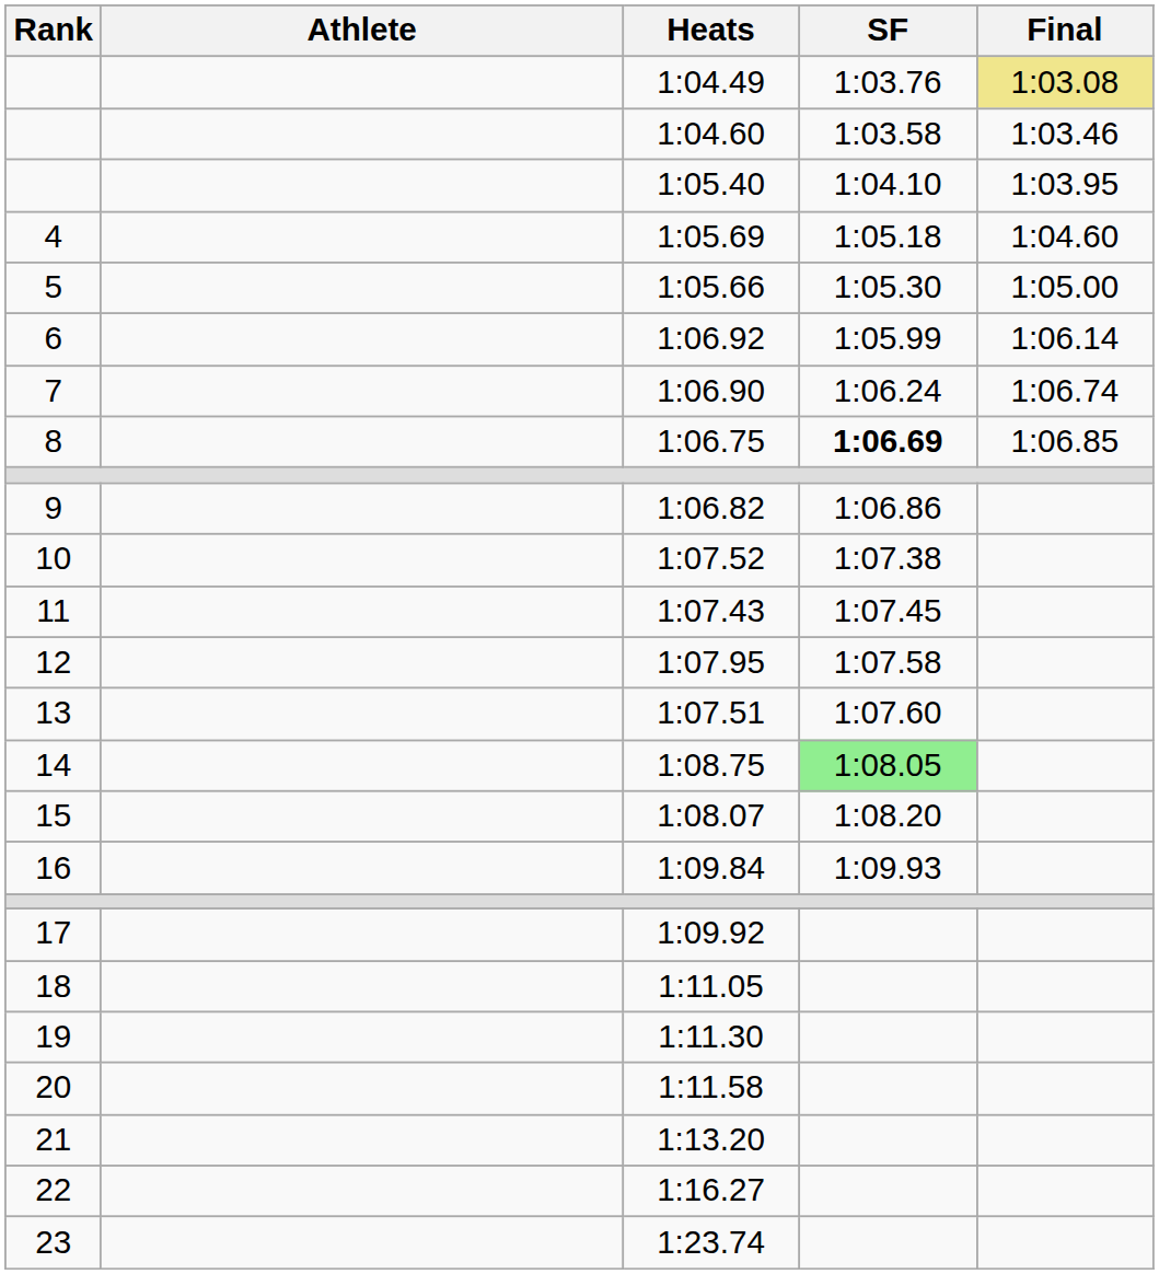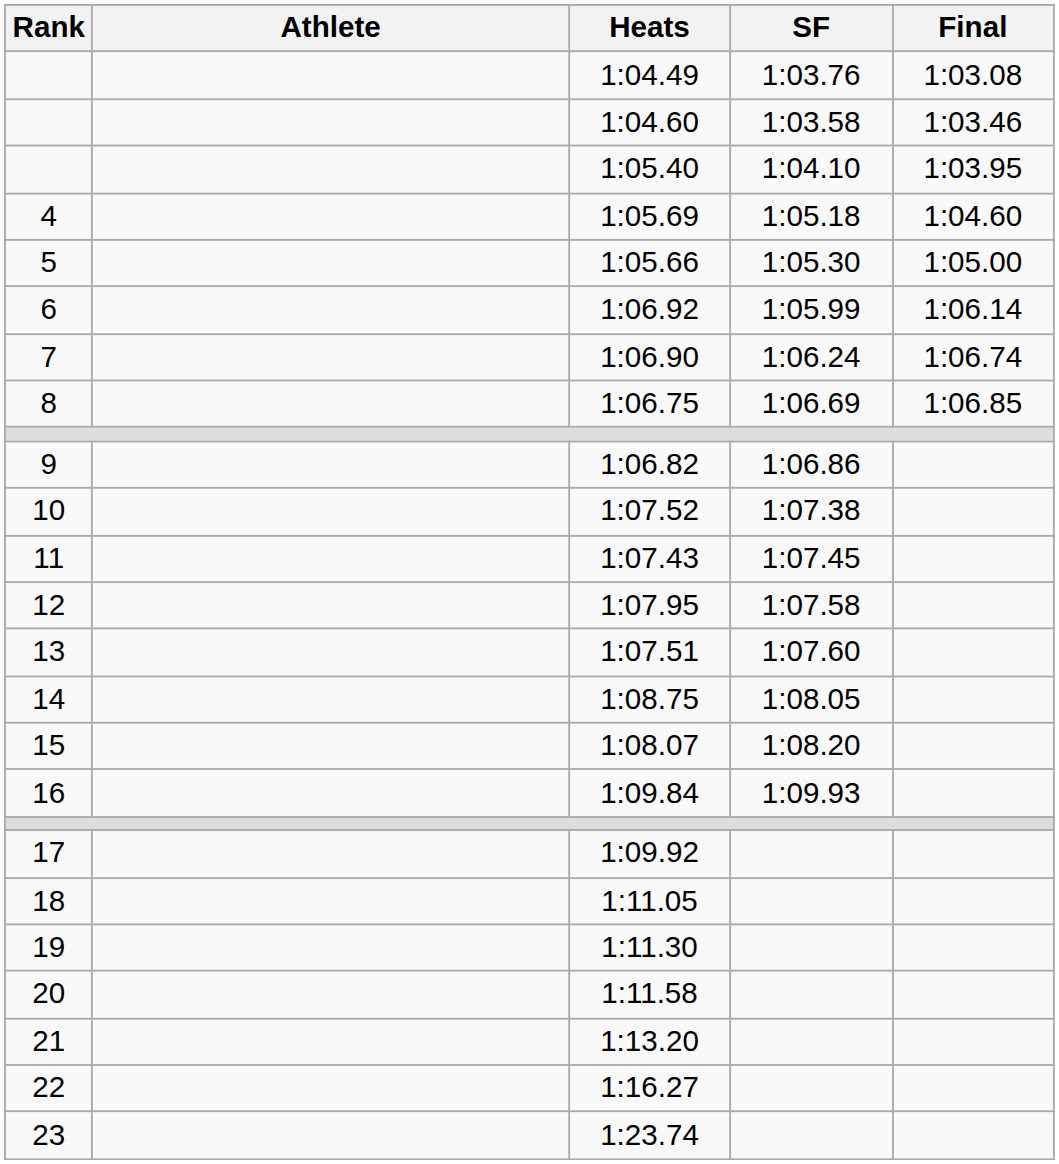 <table class=wikitable style="text-align:center">
 <tr>
 <th width=40>Rank</th>
 <th width=250>Athlete</th>
 <th width=80>Heats</th>
 <th width=80>SF</th>
 <th width=80>Final</th>
 </tr>
 <tr>
 <td></td>
 <td align=left></td>
 <td>1:04.49</td>
 <td>1:03.76</td>
-<td style="background: khaki;">1:03.08</td>
+<td>1:03.08</td>
 </tr>
 <tr>
 <td></td>
 <td align=left></td>
 <td>1:04.60</td>
 <td>1:03.58</td>
 <td>1:03.46</td>
 </tr>
 <tr>
 <td></td>
 <td align=left></td>
 <td>1:05.40</td>
 <td>1:04.10</td>
 <td>1:03.95</td>
 </tr>
 <tr>
 <td>4</td>
 <td align=left></td>
 <td>1:05.69</td>
 <td>1:05.18</td>
 <td>1:04.60</td>
 </tr>
 <tr>
 <td>5</td>
 <td align=left></td>
 <td>1:05.66</td>
 <td>1:05.30</td>
 <td>1:05.00</td>
 </tr>
 <tr>
 <td>6</td>
 <td align=left></td>
 <td>1:06.92</td>
 <td>1:05.99</td>
 <td>1:06.14</td>
 </tr>
 <tr>
 <td>7</td>
 <td align=left></td>
 <td>1:06.90</td>
 <td>1:06.24</td>
 <td>1:06.74</td>
 </tr>
 <tr>
 <td>8</td>
 <td align=left></td>
 <td>1:06.75</td>
-<td><strong>1:06.69</strong></td>
+<td>1:06.69</td>
 <td>1:06.85</td>
 </tr>
 <tr bgcolor=#DDDDDD>
 <td colspan=5></td>
 </tr>
 <tr>
 <td>9</td>
 <td align=left></td>
 <td>1:06.82</td>
 <td>1:06.86</td>
 <td></td>
 </tr>
 <tr>
 <td>10</td>
 <td align=left></td>
 <td>1:07.52</td>
 <td>1:07.38</td>
 <td></td>
 </tr>
 <tr>
 <td>11</td>
 <td align=left></td>
 <td>1:07.43</td>
 <td>1:07.45</td>
 <td></td>
 </tr>
 <tr>
 <td>12</td>
 <td align=left></td>
 <td>1:07.95</td>
 <td>1:07.58</td>
 <td></td>
 </tr>
 <tr>
 <td>13</td>
 <td align=left></td>
 <td>1:07.51</td>
 <td>1:07.60</td>
 <td></td>
 </tr>
 <tr>
 <td>14</td>
 <td align=left></td>
 <td>1:08.75</td>
-<td style="background: lightgreen;">1:08.05</td>
+<td>1:08.05</td>
 <td></td>
 </tr>
 <tr>
 <td>15</td>
 <td align=left></td>
 <td>1:08.07</td>
 <td>1:08.20</td>
 <td></td>
 </tr>
 <tr>
 <td>16</td>
 <td align=left></td>
 <td>1:09.84</td>
 <td>1:09.93</td>
 <td></td>
 </tr>
 <tr bgcolor=#DDDDDD>
 <td colspan=5></td>
 </tr>
 <tr>
 <td>17</td>
 <td align=left></td>
 <td>1:09.92</td>
 <td></td>
 <td></td>
 </tr>
 <tr>
 <td>18</td>
 <td align=left></td>
 <td>1:11.05</td>
 <td></td>
 <td></td>
 </tr>
 <tr>
 <td>19</td>
 <td align=left></td>
 <td>1:11.30</td>
 <td></td>
 <td></td>
 </tr>
 <tr>
 <td>20</td>
 <td align=left></td>
 <td>1:11.58</td>
 <td></td>
 <td></td>
 </tr>
 <tr>
 <td>21</td>
 <td align=left></td>
 <td>1:13.20</td>
 <td></td>
 <td></td>
 </tr>
 <tr>
 <td>22</td>
 <td align=left></td>
 <td>1:16.27</td>
 <td></td>
 <td></td>
 </tr>
 <tr>
 <td>23</td>
 <td align=left></td>
 <td>1:23.74</td>
 <td></td>
 <td></td>
 </tr>
 </table>
